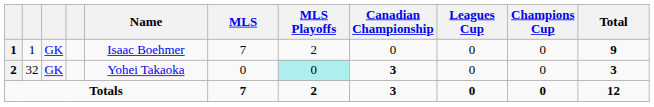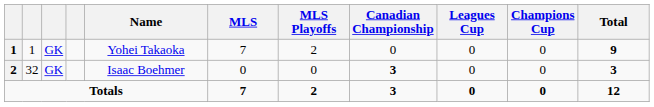 <table class="wikitable" style="text-align:center">
 <tr>
 <th width=15></th>
 <th width=15></th>
 <th width=15></th>
 <th width=15></th>
 <th width=145>Name</th>
 <th width=80><strong><a href='#'>MLS</a></strong></th>
 <th width=80><strong><a href='#'>MLS Playoffs</a></strong></th>
 <th width=80><strong><a href='#'>Canadian Championship</a></strong></th>
 <th width=80><strong><a href='#'>Leagues Cup</a></strong></th>
 <th width=80><strong><a href='#'>Champions Cup</a></strong></th>
 <th width=80>Total</th>
 </tr>
 <tr>
 <th>1</th>
 <td align=center>1</td>
 <td align=center><a href='#'>GK</a></td>
 <td></td>
-<td><a href='#'>Isaac Boehmer</a></td>
+<td><a href='#'>Yohei Takaoka</a></td>
 <td>7</td>
 <td>2</td>
 <td>0</td>
 <td>0</td>
 <td>0</td>
 <td><strong>9</strong></td>
 </tr>
 <tr>
 <th>2</th>
 <td align=center>32</td>
 <td align=center><a href='#'>GK</a></td>
 <td></td>
-<td><a href='#'>Yohei Takaoka</a></td>
+<td><a href='#'>Isaac Boehmer</a></td>
 <td>0</td>
-<td style="background: paleturquoise;">0</td>
+<td>0</td>
 <td><strong>3</strong></td>
 <td>0</td>
 <td>0</td>
 <td><strong>3</strong></td>
 </tr>
 <tr>
 <td colspan="5"><strong>Totals</strong></td>
 <td><strong>7</strong></td>
 <td><strong>2</strong></td>
 <td><strong>3</strong></td>
 <td><strong>0</strong></td>
 <td><strong>0</strong></td>
 <td><strong>12</strong></td>
 </tr>
 </table>
